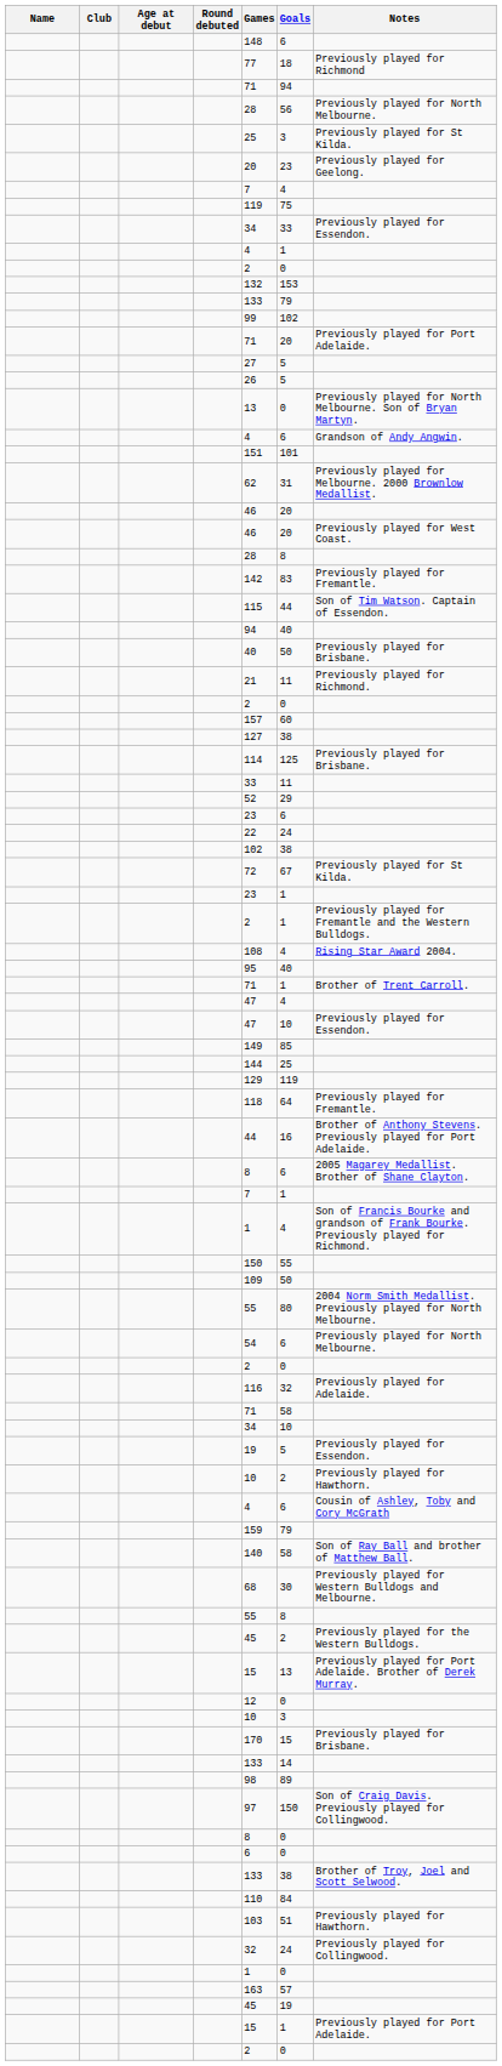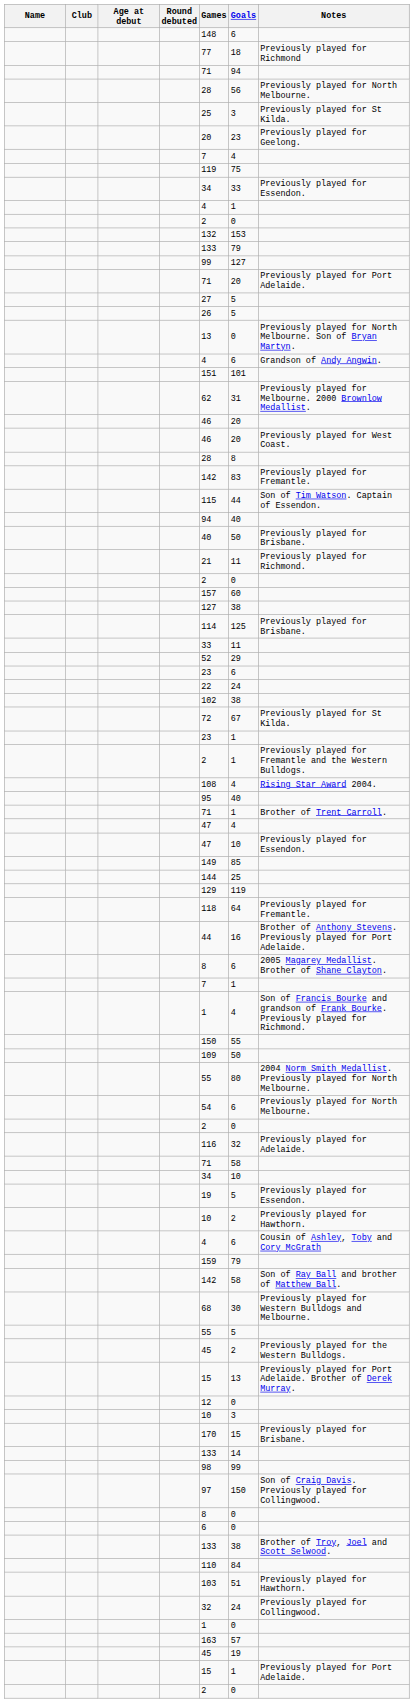 <table class="wikitable sortable" style="width:100%;">
 <tr style="background:#efefef;">
 <th style="width:15%;">Name</th>
 <th width=8%>Club</th>
 <th style="width:15%;">Age at debut</th>
 <th width=5%>Round debuted</th>
 <th width=5%>Games</th>
 <th width=5%><a href='#'>Goals</a></th>
 <th style="width:37%;">Notes</th>
 </tr>
 <tr>
 <td></td>
 <td></td>
 <td></td>
 <td></td>
 <td>148</td>
 <td>6</td>
 <td></td>
 </tr>
 <tr>
 <td></td>
 <td></td>
 <td></td>
 <td></td>
 <td>77</td>
 <td>18</td>
 <td>Previously played for Richmond</td>
 </tr>
 <tr>
 <td></td>
 <td></td>
 <td></td>
 <td></td>
 <td>71</td>
 <td>94</td>
 <td></td>
 </tr>
 <tr>
 <td></td>
 <td></td>
 <td></td>
 <td></td>
 <td>28</td>
 <td>56</td>
 <td>Previously played for North Melbourne.</td>
 </tr>
 <tr>
 <td></td>
 <td></td>
 <td></td>
 <td></td>
 <td>25</td>
 <td>3</td>
 <td>Previously played for St Kilda.</td>
 </tr>
 <tr>
 <td></td>
 <td></td>
 <td></td>
 <td></td>
 <td>20</td>
 <td>23</td>
 <td>Previously played for Geelong.</td>
 </tr>
 <tr>
 <td></td>
 <td></td>
 <td></td>
 <td></td>
 <td>7</td>
 <td>4</td>
 <td></td>
 </tr>
 <tr>
 <td></td>
 <td></td>
 <td></td>
 <td></td>
 <td>119</td>
 <td>75</td>
 <td></td>
 </tr>
 <tr>
 <td></td>
 <td></td>
 <td></td>
 <td></td>
 <td>34</td>
 <td>33</td>
 <td>Previously played for Essendon.</td>
 </tr>
 <tr>
 <td></td>
 <td></td>
 <td></td>
 <td></td>
 <td>4</td>
 <td>1</td>
 <td></td>
 </tr>
 <tr>
 <td></td>
 <td></td>
 <td></td>
 <td></td>
 <td>2</td>
 <td>0</td>
 <td></td>
 </tr>
 <tr>
 <td></td>
 <td></td>
 <td></td>
 <td></td>
 <td>132</td>
 <td>153</td>
 <td></td>
 </tr>
 <tr>
 <td></td>
 <td></td>
 <td></td>
 <td></td>
 <td>133</td>
 <td>79</td>
 <td></td>
 </tr>
 <tr>
 <td></td>
 <td></td>
 <td></td>
 <td></td>
 <td>99</td>
-<td>102</td>
+<td>127</td>
 <td></td>
 </tr>
 <tr>
 <td></td>
 <td></td>
 <td></td>
 <td></td>
 <td>71</td>
 <td>20</td>
 <td>Previously played for Port Adelaide.</td>
 </tr>
 <tr>
 <td></td>
 <td></td>
 <td></td>
 <td></td>
 <td>27</td>
 <td>5</td>
 <td></td>
 </tr>
 <tr>
 <td></td>
 <td></td>
 <td></td>
 <td></td>
 <td>26</td>
 <td>5</td>
 <td></td>
 </tr>
 <tr>
 <td></td>
 <td></td>
 <td></td>
 <td></td>
 <td>13</td>
 <td>0</td>
 <td>Previously played for North Melbourne. Son of <a href='#'>Bryan Martyn</a>.</td>
 </tr>
 <tr>
 <td></td>
 <td></td>
 <td></td>
 <td></td>
 <td>4</td>
 <td>6</td>
 <td>Grandson of <a href='#'>Andy Angwin</a>.</td>
 </tr>
 <tr>
 <td></td>
 <td></td>
 <td></td>
 <td></td>
 <td>151</td>
 <td>101</td>
 <td></td>
 </tr>
 <tr>
 <td></td>
 <td></td>
 <td></td>
 <td></td>
 <td>62</td>
 <td>31</td>
 <td>Previously played for Melbourne. 2000 <a href='#'>Brownlow Medallist</a>.</td>
 </tr>
 <tr>
 <td></td>
 <td></td>
 <td></td>
 <td></td>
 <td>46</td>
 <td>20</td>
 <td></td>
 </tr>
 <tr>
 <td></td>
 <td></td>
 <td></td>
 <td></td>
 <td>46</td>
 <td>20</td>
 <td>Previously played for West Coast.</td>
 </tr>
 <tr>
 <td></td>
 <td></td>
 <td></td>
 <td></td>
 <td>28</td>
 <td>8</td>
 <td></td>
 </tr>
 <tr>
 <td></td>
 <td></td>
 <td></td>
 <td></td>
 <td>142</td>
 <td>83</td>
 <td>Previously played for Fremantle.</td>
 </tr>
 <tr>
 <td></td>
 <td></td>
 <td></td>
 <td></td>
 <td>115</td>
 <td>44</td>
 <td>Son of <a href='#'>Tim Watson</a>. Captain of Essendon.</td>
 </tr>
 <tr>
 <td></td>
 <td></td>
 <td></td>
 <td></td>
 <td>94</td>
 <td>40</td>
 <td></td>
 </tr>
 <tr>
 <td></td>
 <td></td>
 <td></td>
 <td></td>
 <td>40</td>
 <td>50</td>
 <td>Previously played for Brisbane.</td>
 </tr>
 <tr>
 <td></td>
 <td></td>
 <td></td>
 <td></td>
 <td>21</td>
 <td>11</td>
 <td>Previously played for Richmond.</td>
 </tr>
 <tr>
 <td></td>
 <td></td>
 <td></td>
 <td></td>
 <td>2</td>
 <td>0</td>
 <td></td>
 </tr>
 <tr>
 <td></td>
 <td></td>
 <td></td>
 <td></td>
 <td>157</td>
 <td>60</td>
 <td></td>
 </tr>
 <tr>
 <td></td>
 <td></td>
 <td></td>
 <td></td>
 <td>127</td>
 <td>38</td>
 <td></td>
 </tr>
 <tr>
 <td></td>
 <td></td>
 <td></td>
 <td></td>
 <td>114</td>
 <td>125</td>
 <td>Previously played for Brisbane.</td>
 </tr>
 <tr>
 <td></td>
 <td></td>
 <td></td>
 <td></td>
 <td>33</td>
 <td>11</td>
 <td></td>
 </tr>
 <tr>
 <td></td>
 <td></td>
 <td></td>
 <td></td>
 <td>52</td>
 <td>29</td>
 <td></td>
 </tr>
 <tr>
 <td></td>
 <td></td>
 <td></td>
 <td></td>
 <td>23</td>
 <td>6</td>
 <td></td>
 </tr>
 <tr>
 <td></td>
 <td></td>
 <td></td>
 <td></td>
 <td>22</td>
 <td>24</td>
 <td></td>
 </tr>
 <tr>
 <td></td>
 <td></td>
 <td></td>
 <td></td>
 <td>102</td>
 <td>38</td>
 <td></td>
 </tr>
 <tr>
 <td></td>
 <td></td>
 <td></td>
 <td></td>
 <td>72</td>
 <td>67</td>
 <td>Previously played for St Kilda.</td>
 </tr>
 <tr>
 <td></td>
 <td></td>
 <td></td>
 <td></td>
 <td>23</td>
 <td>1</td>
 <td></td>
 </tr>
 <tr>
 <td></td>
 <td></td>
 <td></td>
 <td></td>
 <td>2</td>
 <td>1</td>
 <td>Previously played for Fremantle and the Western Bulldogs.</td>
 </tr>
 <tr>
 <td></td>
 <td></td>
 <td></td>
 <td></td>
 <td>108</td>
 <td>4</td>
 <td><a href='#'>Rising Star Award</a> 2004.</td>
 </tr>
 <tr>
 <td></td>
 <td></td>
 <td></td>
 <td></td>
 <td>95</td>
 <td>40</td>
 <td></td>
 </tr>
 <tr>
 <td></td>
 <td></td>
 <td></td>
 <td></td>
 <td>71</td>
 <td>1</td>
 <td>Brother of <a href='#'>Trent Carroll</a>.</td>
 </tr>
 <tr>
 <td></td>
 <td></td>
 <td></td>
 <td></td>
 <td>47</td>
 <td>4</td>
 <td></td>
 </tr>
 <tr>
 <td></td>
 <td></td>
 <td></td>
 <td></td>
 <td>47</td>
 <td>10</td>
 <td>Previously played for Essendon.</td>
 </tr>
 <tr>
 <td></td>
 <td></td>
 <td></td>
 <td></td>
 <td>149</td>
 <td>85</td>
 <td></td>
 </tr>
 <tr>
 <td></td>
 <td></td>
 <td></td>
 <td></td>
 <td>144</td>
 <td>25</td>
 <td></td>
 </tr>
 <tr>
 <td></td>
 <td></td>
 <td></td>
 <td></td>
 <td>129</td>
 <td>119</td>
 <td></td>
 </tr>
 <tr>
 <td></td>
 <td></td>
 <td></td>
 <td></td>
 <td>118</td>
 <td>64</td>
 <td>Previously played for Fremantle.</td>
 </tr>
 <tr>
 <td></td>
 <td></td>
 <td></td>
 <td></td>
 <td>44</td>
 <td>16</td>
 <td>Brother of <a href='#'>Anthony Stevens</a>. Previously played for Port Adelaide.</td>
 </tr>
 <tr>
 <td></td>
 <td></td>
 <td></td>
 <td></td>
 <td>8</td>
 <td>6</td>
 <td>2005 <a href='#'>Magarey Medallist</a>. Brother of <a href='#'>Shane Clayton</a>.</td>
 </tr>
 <tr>
 <td></td>
 <td></td>
 <td></td>
 <td></td>
 <td>7</td>
 <td>1</td>
 <td></td>
 </tr>
 <tr>
 <td></td>
 <td></td>
 <td></td>
 <td></td>
 <td>1</td>
 <td>4</td>
 <td>Son of <a href='#'>Francis Bourke</a> and grandson of <a href='#'>Frank Bourke</a>. Previously played for Richmond.</td>
 </tr>
 <tr>
 <td></td>
 <td></td>
 <td></td>
 <td></td>
 <td>150</td>
 <td>55</td>
 <td></td>
 </tr>
 <tr>
 <td></td>
 <td></td>
 <td></td>
 <td></td>
 <td>109</td>
 <td>50</td>
 <td></td>
 </tr>
 <tr>
 <td></td>
 <td></td>
 <td></td>
 <td></td>
 <td>55</td>
 <td>80</td>
 <td>2004 <a href='#'>Norm Smith Medallist</a>. Previously played for North Melbourne.</td>
 </tr>
 <tr>
 <td></td>
 <td></td>
 <td></td>
 <td></td>
 <td>54</td>
 <td>6</td>
 <td>Previously played for North Melbourne.</td>
 </tr>
 <tr>
 <td></td>
 <td></td>
 <td></td>
 <td></td>
 <td>2</td>
 <td>0</td>
 <td></td>
 </tr>
 <tr>
 <td></td>
 <td></td>
 <td></td>
 <td></td>
 <td>116</td>
 <td>32</td>
 <td>Previously played for Adelaide.</td>
 </tr>
 <tr>
 <td></td>
 <td></td>
 <td></td>
 <td></td>
 <td>71</td>
 <td>58</td>
 <td></td>
 </tr>
 <tr>
 <td></td>
 <td></td>
 <td></td>
 <td></td>
 <td>34</td>
 <td>10</td>
 <td></td>
 </tr>
 <tr>
 <td></td>
 <td></td>
 <td></td>
 <td></td>
 <td>19</td>
 <td>5</td>
 <td>Previously played for Essendon.</td>
 </tr>
 <tr>
 <td></td>
 <td></td>
 <td></td>
 <td></td>
 <td>10</td>
 <td>2</td>
 <td>Previously played for Hawthorn.</td>
 </tr>
 <tr>
 <td></td>
 <td></td>
 <td></td>
 <td></td>
 <td>4</td>
 <td>6</td>
 <td>Cousin of <a href='#'>Ashley</a>, <a href='#'>Toby</a> and <a href='#'>Cory McGrath</a></td>
 </tr>
 <tr>
 <td></td>
 <td></td>
 <td></td>
 <td></td>
 <td>159</td>
 <td>79</td>
 <td></td>
 </tr>
 <tr>
 <td></td>
 <td></td>
 <td></td>
 <td></td>
-<td>140</td>
+<td>142</td>
 <td>58</td>
 <td>Son of <a href='#'>Ray Ball</a> and brother of <a href='#'>Matthew Ball</a>.</td>
 </tr>
 <tr>
 <td></td>
 <td></td>
 <td></td>
 <td></td>
 <td>68</td>
 <td>30</td>
 <td>Previously played for Western Bulldogs and Melbourne.</td>
 </tr>
 <tr>
 <td></td>
 <td></td>
 <td></td>
 <td></td>
 <td>55</td>
-<td>8</td>
+<td>5</td>
 <td></td>
 </tr>
 <tr>
 <td></td>
 <td></td>
 <td></td>
 <td></td>
 <td>45</td>
 <td>2</td>
 <td>Previously played for the Western Bulldogs.</td>
 </tr>
 <tr>
 <td></td>
 <td></td>
 <td></td>
 <td></td>
 <td>15</td>
 <td>13</td>
 <td>Previously played for Port Adelaide. Brother of <a href='#'>Derek Murray</a>.</td>
 </tr>
 <tr>
 <td></td>
 <td></td>
 <td></td>
 <td></td>
 <td>12</td>
 <td>0</td>
 <td></td>
 </tr>
 <tr>
 <td></td>
 <td></td>
 <td></td>
 <td></td>
 <td>10</td>
 <td>3</td>
 <td></td>
 </tr>
 <tr>
 <td></td>
 <td></td>
 <td></td>
 <td></td>
 <td>170</td>
 <td>15</td>
 <td>Previously played for Brisbane.</td>
 </tr>
 <tr>
 <td></td>
 <td></td>
 <td></td>
 <td></td>
 <td>133</td>
 <td>14</td>
 <td></td>
 </tr>
 <tr>
 <td></td>
 <td></td>
 <td></td>
 <td></td>
 <td>98</td>
-<td>89</td>
+<td>99</td>
 <td></td>
 </tr>
 <tr>
 <td></td>
 <td></td>
 <td></td>
 <td></td>
 <td>97</td>
 <td>150</td>
 <td>Son of <a href='#'>Craig Davis</a>. Previously played for Collingwood.</td>
 </tr>
 <tr>
 <td></td>
 <td></td>
 <td></td>
 <td></td>
 <td>8</td>
 <td>0</td>
 <td></td>
 </tr>
 <tr>
 <td></td>
 <td></td>
 <td></td>
 <td></td>
 <td>6</td>
 <td>0</td>
 <td></td>
 </tr>
 <tr>
 <td></td>
 <td></td>
 <td></td>
 <td></td>
 <td>133</td>
 <td>38</td>
 <td>Brother of <a href='#'>Troy</a>, <a href='#'>Joel</a> and <a href='#'>Scott Selwood</a>.</td>
 </tr>
 <tr>
 <td></td>
 <td></td>
 <td></td>
 <td></td>
 <td>110</td>
 <td>84</td>
 <td></td>
 </tr>
 <tr>
 <td></td>
 <td></td>
 <td></td>
 <td></td>
 <td>103</td>
 <td>51</td>
 <td>Previously played for Hawthorn.</td>
 </tr>
 <tr>
 <td></td>
 <td></td>
 <td></td>
 <td></td>
 <td>32</td>
 <td>24</td>
 <td>Previously played for Collingwood.</td>
 </tr>
 <tr>
 <td></td>
 <td></td>
 <td></td>
 <td></td>
 <td>1</td>
 <td>0</td>
 <td></td>
 </tr>
 <tr>
 <td></td>
 <td></td>
 <td></td>
 <td></td>
 <td>163</td>
 <td>57</td>
 <td></td>
 </tr>
 <tr>
 <td></td>
 <td></td>
 <td></td>
 <td></td>
 <td>45</td>
 <td>19</td>
 <td></td>
 </tr>
 <tr>
 <td></td>
 <td></td>
 <td></td>
 <td></td>
 <td>15</td>
 <td>1</td>
 <td>Previously played for Port Adelaide.</td>
 </tr>
 <tr>
 <td></td>
 <td></td>
 <td></td>
 <td></td>
 <td>2</td>
 <td>0</td>
 <td></td>
 </tr>
 </table>
